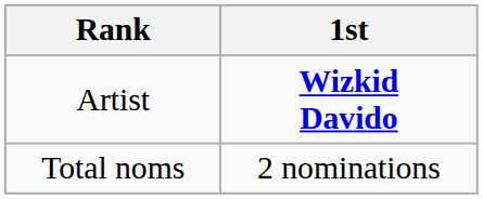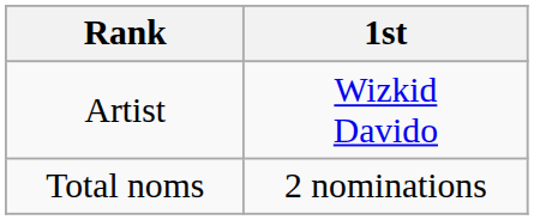 <table class="wikitable">
 <tr>
 <th style="width:100px;">Rank</th>
 <th style="width:120px;">1st</th>
 </tr>
 <tr align=center>
 <td>Artist</td>
-<td><strong><a href='#'>Wizkid</a><br><a href='#'>Davido</a></strong></td>
+<td><a href='#'>Wizkid</a><br><a href='#'>Davido</a></td>
 </tr>
 <tr align=center>
 <td>Total noms</td>
 <td>2 nominations</td>
 </tr>
 </table>
